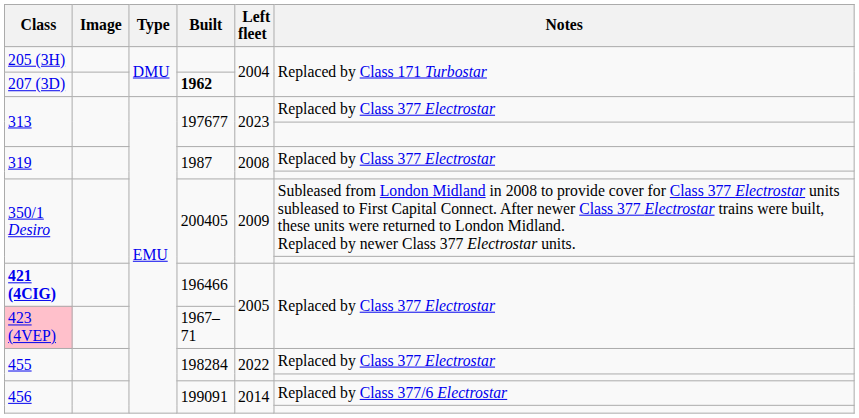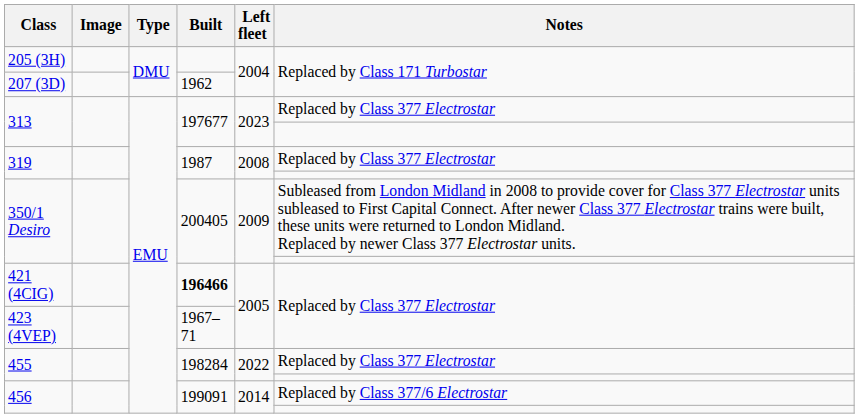 <table class="wikitable">
 <tr ---- bgcolor="#f9f9f9">
 <th> Class </th>
 <th> Image </th>
 <th> Type </th>
 <th> Built </th>
 <th> Left<br> fleet </th>
 <th> Notes </th>
 </tr>
 <tr>
 <td><a href='#'>205 (3H)</a></td>
 <td></td>
 <td rowspan="2"><a href='#'>DMU</a></td>
 <td></td>
 <td rowspan="2">2004</td>
 <td rowspan="2">Replaced by <a href='#'>Class 171 <em>Turbostar</em></a></td>
 </tr>
 <tr>
 <td><a href='#'>207 (3D)</a></td>
 <td></td>
-<td><strong>1962</strong></td>
+<td>1962</td>
 </tr>
 <tr>
 <td rowspan=2><a href='#'>313</a></td>
 <td rowspan=2></td>
 <td rowspan=12><a href='#'>EMU</a></td>
 <td rowspan=2>197677</td>
 <td rowspan=2>2023</td>
 <td>Replaced by <a href='#'>Class 377 <em>Electrostar</em></a></td>
 </tr>
 <tr>
 <td><br></td>
 </tr>
 <tr>
 <td rowspan=2><a href='#'>319</a></td>
 <td rowspan=2></td>
 <td rowspan=2>1987</td>
 <td rowspan=2>2008</td>
 <td>Replaced by <a href='#'>Class 377 <em>Electrostar</em></a></td>
 </tr>
 <tr>
 <td></td>
 </tr>
 <tr>
 <td rowspan=2><a href='#'>350/1 <em>Desiro</em></a></td>
 <td rowspan=2></td>
 <td rowspan=2>200405</td>
 <td rowspan=2>2009</td>
 <td>Subleased from <a href='#'>London Midland</a> in 2008 to provide cover for <a href='#'>Class 377 <em>Electrostar</em></a> units subleased to First Capital Connect. After newer <a href='#'>Class 377 <em>Electrostar</em></a> trains were built, these units were returned to London Midland.<br>Replaced by newer Class 377 <em>Electrostar</em> units.</td>
 </tr>
 <tr>
 <td></td>
 </tr>
 <tr>
-<td><strong><a href='#'>421 (4CIG)</a></strong></td>
+<td><a href='#'>421 (4CIG)</a></td>
 <td></td>
-<td>196466</td>
+<td><strong>196466</strong></td>
 <td rowspan="2">2005</td>
 <td rowspan="2">Replaced by <a href='#'>Class 377 <em>Electrostar</em></a></td>
 </tr>
 <tr>
-<td style="background: pink;"><a href='#'>423 (4VEP)</a></td>
+<td><a href='#'>423 (4VEP)</a></td>
 <td></td>
 <td>1967–71</td>
 </tr>
 <tr>
 <td rowspan="2"><a href='#'>455</a></td>
 <td rowspan="2"></td>
 <td rowspan="2">198284</td>
 <td rowspan="2">2022</td>
 <td>Replaced by <a href='#'>Class 377 <em>Electrostar</em></a></td>
 </tr>
 <tr>
 <td></td>
 </tr>
 <tr>
 <td rowspan="2"><a href='#'>456</a></td>
 <td rowspan="2"></td>
 <td rowspan="2">199091</td>
 <td rowspan="2">2014</td>
 <td>Replaced by <a href='#'>Class 377/6 <em>Electrostar</em></a></td>
 </tr>
 <tr>
 <td></td>
 </tr>
 </table>
